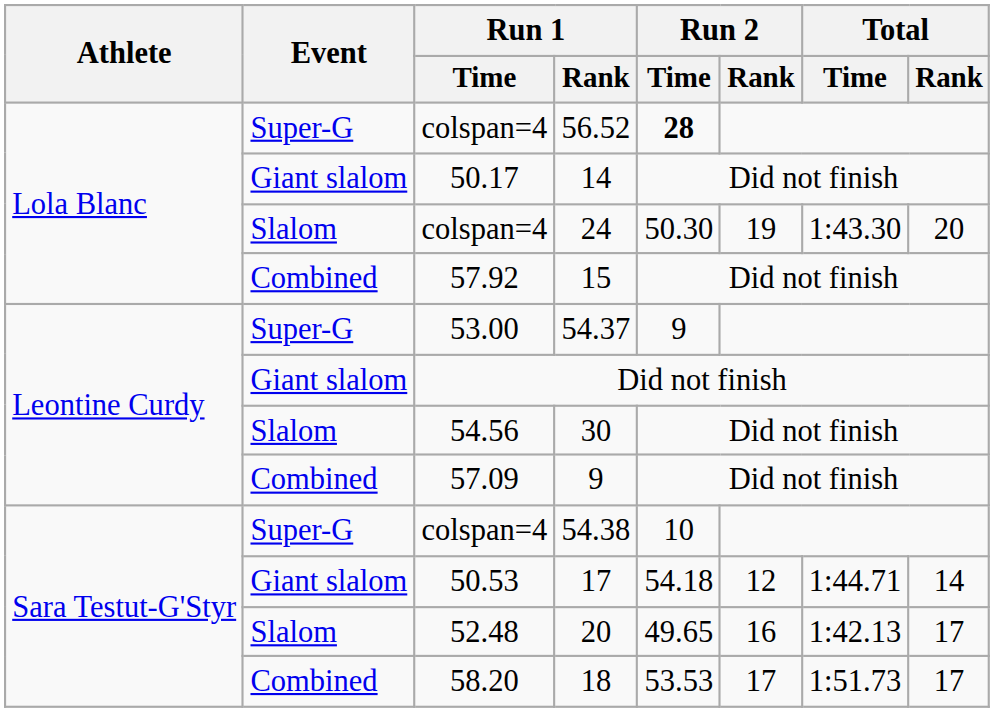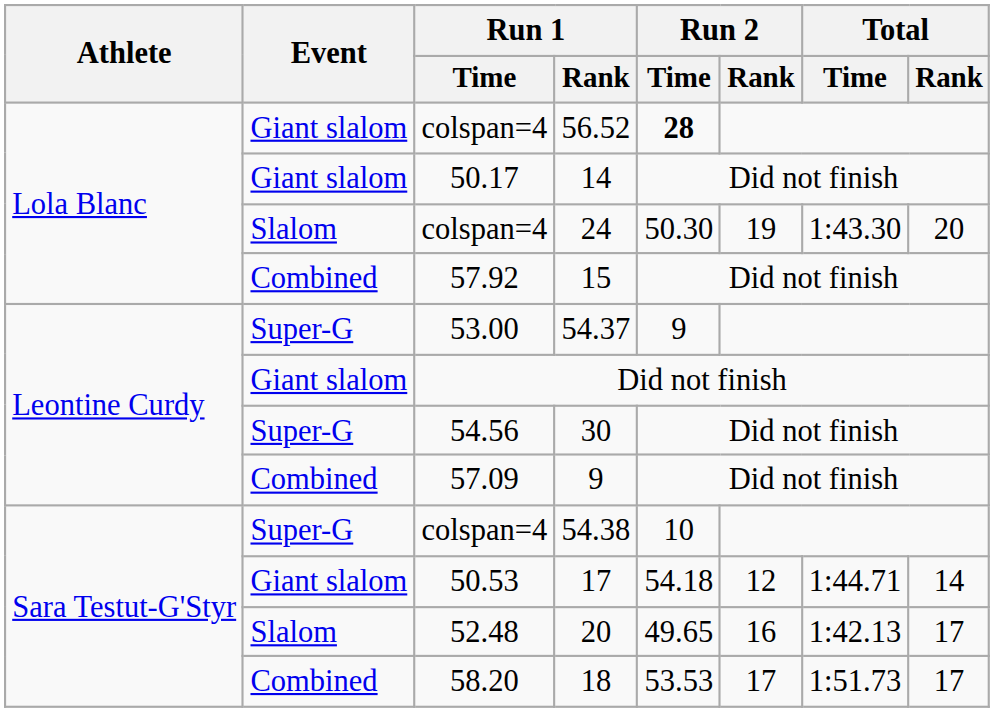 <table class="wikitable" style="font-size:90%">
 <tr>
 <th rowspan=2>Athlete</th>
 <th rowspan=2>Event</th>
 <th colspan=2>Run 1</th>
 <th colspan=2>Run 2</th>
 <th colspan=2>Total</th>
 </tr>
 <tr style="font-size:95%">
 <th>Time</th>
 <th>Rank</th>
 <th>Time</th>
 <th>Rank</th>
 <th>Time</th>
 <th>Rank</th>
 </tr>
 <tr align=center>
 <td align="left" rowspan="4"><a href='#'>Lola Blanc</a></td>
-<td align="left"><a href='#'>Super-G</a></td>
+<td align="left"><a href='#'>Giant slalom</a></td>
 <td>colspan=4</td>
 <td>56.52</td>
 <td><strong>28</strong></td>
 </tr>
 <tr align=center>
 <td align="left"><a href='#'>Giant slalom</a></td>
 <td>50.17</td>
 <td>14</td>
 <td colspan=4>Did not finish</td>
 </tr>
 <tr align=center>
 <td align="left"><a href='#'>Slalom</a></td>
 <td>colspan=4</td>
 <td>24</td>
 <td>50.30</td>
 <td>19</td>
 <td>1:43.30</td>
 <td>20</td>
 </tr>
 <tr align=center>
 <td align="left"><a href='#'>Combined</a></td>
 <td>57.92</td>
 <td>15</td>
 <td colspan=4>Did not finish</td>
 </tr>
 <tr align="center">
 <td align="left" rowspan="4"><a href='#'>Leontine Curdy</a></td>
 <td align="left"><a href='#'>Super-G</a></td>
 <td>53.00</td>
 <td>54.37</td>
 <td>9</td>
 </tr>
 <tr align=center>
 <td align="left"><a href='#'>Giant slalom</a></td>
 <td colspan=6>Did not finish</td>
 </tr>
 <tr align=center>
-<td align="left"><a href='#'>Slalom</a></td>
+<td align="left"><a href='#'>Super-G</a></td>
 <td>54.56</td>
 <td>30</td>
 <td colspan=4>Did not finish</td>
 </tr>
 <tr align=center>
 <td align="left"><a href='#'>Combined</a></td>
 <td>57.09</td>
 <td>9</td>
 <td colspan=4>Did not finish</td>
 </tr>
 <tr align="center">
 <td align="left" rowspan="4"><a href='#'>Sara Testut-G'Styr</a></td>
 <td align="left"><a href='#'>Super-G</a></td>
 <td>colspan=4</td>
 <td>54.38</td>
 <td>10</td>
 </tr>
 <tr align=center>
 <td align="left"><a href='#'>Giant slalom</a></td>
 <td>50.53</td>
 <td>17</td>
 <td>54.18</td>
 <td>12</td>
 <td>1:44.71</td>
 <td>14</td>
 </tr>
 <tr align=center>
 <td align="left"><a href='#'>Slalom</a></td>
 <td>52.48</td>
 <td>20</td>
 <td>49.65</td>
 <td>16</td>
 <td>1:42.13</td>
 <td>17</td>
 </tr>
 <tr align=center>
 <td align="left"><a href='#'>Combined</a></td>
 <td>58.20</td>
 <td>18</td>
 <td>53.53</td>
 <td>17</td>
 <td>1:51.73</td>
 <td>17</td>
 </tr>
 </table>
